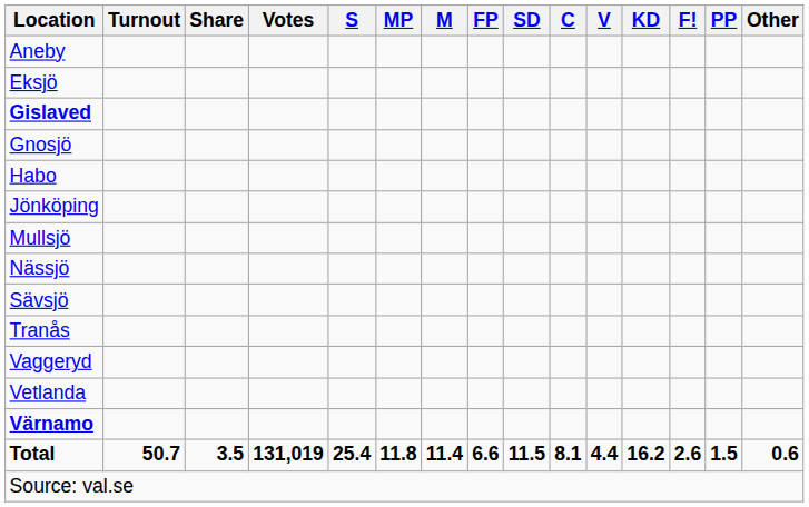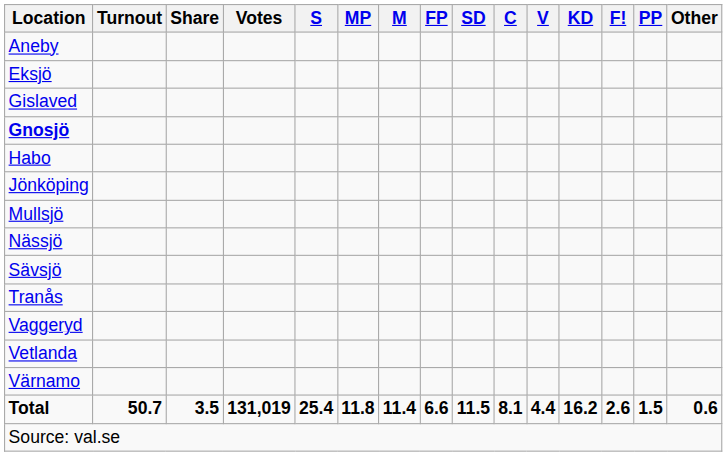 <table class="wikitable sortable" style=text-align:right>
 <tr>
 <th>Location</th>
 <th>Turnout</th>
 <th>Share</th>
 <th>Votes</th>
 <th><a href='#'>S</a></th>
 <th><a href='#'>MP</a></th>
 <th><a href='#'>M</a></th>
 <th><a href='#'>FP</a></th>
 <th><a href='#'>SD</a></th>
 <th><a href='#'>C</a></th>
 <th><a href='#'>V</a></th>
 <th><a href='#'>KD</a></th>
 <th><a href='#'>F!</a></th>
 <th><a href='#'>PP</a></th>
 <th>Other</th>
 </tr>
 <tr>
 <td align=left><a href='#'>Aneby</a></td>
 <td></td>
 <td></td>
 <td></td>
 <td></td>
 <td></td>
 <td></td>
 <td></td>
 <td></td>
 <td></td>
 <td></td>
 <td></td>
 <td></td>
 <td></td>
 <td></td>
 </tr>
 <tr>
 <td align=left><a href='#'>Eksjö</a></td>
 <td></td>
 <td></td>
 <td></td>
 <td></td>
 <td></td>
 <td></td>
 <td></td>
 <td></td>
 <td></td>
 <td></td>
 <td></td>
 <td></td>
 <td></td>
 <td></td>
 </tr>
 <tr>
-<td align=left><strong><a href='#'>Gislaved</a></strong></td>
+<td align=left><a href='#'>Gislaved</a></td>
 <td></td>
 <td></td>
 <td></td>
 <td></td>
 <td></td>
 <td></td>
 <td></td>
 <td></td>
 <td></td>
 <td></td>
 <td></td>
 <td></td>
 <td></td>
 <td></td>
 </tr>
 <tr>
-<td align=left><a href='#'>Gnosjö</a></td>
+<td align=left><strong><a href='#'>Gnosjö</a></strong></td>
 <td></td>
 <td></td>
 <td></td>
 <td></td>
 <td></td>
 <td></td>
 <td></td>
 <td></td>
 <td></td>
 <td></td>
 <td></td>
 <td></td>
 <td></td>
 <td></td>
 </tr>
 <tr>
 <td align=left><a href='#'>Habo</a></td>
 <td></td>
 <td></td>
 <td></td>
 <td></td>
 <td></td>
 <td></td>
 <td></td>
 <td></td>
 <td></td>
 <td></td>
 <td></td>
 <td></td>
 <td></td>
 <td></td>
 </tr>
 <tr>
 <td align=left><a href='#'>Jönköping</a></td>
 <td></td>
 <td></td>
 <td></td>
 <td></td>
 <td></td>
 <td></td>
 <td></td>
 <td></td>
 <td></td>
 <td></td>
 <td></td>
 <td></td>
 <td></td>
 <td></td>
 </tr>
 <tr>
 <td align=left><a href='#'>Mullsjö</a></td>
 <td></td>
 <td></td>
 <td></td>
 <td></td>
 <td></td>
 <td></td>
 <td></td>
 <td></td>
 <td></td>
 <td></td>
 <td></td>
 <td></td>
 <td></td>
 <td></td>
 </tr>
 <tr>
 <td align=left><a href='#'>Nässjö</a></td>
 <td></td>
 <td></td>
 <td></td>
 <td></td>
 <td></td>
 <td></td>
 <td></td>
 <td></td>
 <td></td>
 <td></td>
 <td></td>
 <td></td>
 <td></td>
 <td></td>
 </tr>
 <tr>
 <td align=left><a href='#'>Sävsjö</a></td>
 <td></td>
 <td></td>
 <td></td>
 <td></td>
 <td></td>
 <td></td>
 <td></td>
 <td></td>
 <td></td>
 <td></td>
 <td></td>
 <td></td>
 <td></td>
 <td></td>
 </tr>
 <tr>
 <td align=left><a href='#'>Tranås</a></td>
 <td></td>
 <td></td>
 <td></td>
 <td></td>
 <td></td>
 <td></td>
 <td></td>
 <td></td>
 <td></td>
 <td></td>
 <td></td>
 <td></td>
 <td></td>
 <td></td>
 </tr>
 <tr>
 <td align=left><a href='#'>Vaggeryd</a></td>
 <td></td>
 <td></td>
 <td></td>
 <td></td>
 <td></td>
 <td></td>
 <td></td>
 <td></td>
 <td></td>
 <td></td>
 <td></td>
 <td></td>
 <td></td>
 <td></td>
 </tr>
 <tr>
 <td align=left><a href='#'>Vetlanda</a></td>
 <td></td>
 <td></td>
 <td></td>
 <td></td>
 <td></td>
 <td></td>
 <td></td>
 <td></td>
 <td></td>
 <td></td>
 <td></td>
 <td></td>
 <td></td>
 <td></td>
 </tr>
 <tr>
-<td align=left><strong><a href='#'>Värnamo</a></strong></td>
+<td align=left><a href='#'>Värnamo</a></td>
 <td></td>
 <td></td>
 <td></td>
 <td></td>
 <td></td>
 <td></td>
 <td></td>
 <td></td>
 <td></td>
 <td></td>
 <td></td>
 <td></td>
 <td></td>
 <td></td>
 </tr>
 <tr>
 <td align=left><strong>Total</strong></td>
 <td><strong>50.7</strong></td>
 <td><strong>3.5</strong></td>
 <td><strong>131,019</strong></td>
 <td><strong>25.4</strong></td>
 <td><strong>11.8</strong></td>
 <td><strong>11.4</strong></td>
 <td><strong>6.6</strong></td>
 <td><strong>11.5</strong></td>
 <td><strong>8.1</strong></td>
 <td><strong>4.4</strong></td>
 <td><strong>16.2</strong></td>
 <td><strong>2.6</strong></td>
 <td><strong>1.5</strong></td>
 <td><strong>0.6</strong></td>
 </tr>
 <tr>
 <td align=left colspan=15>Source: val.se </td>
 </tr>
 </table>
